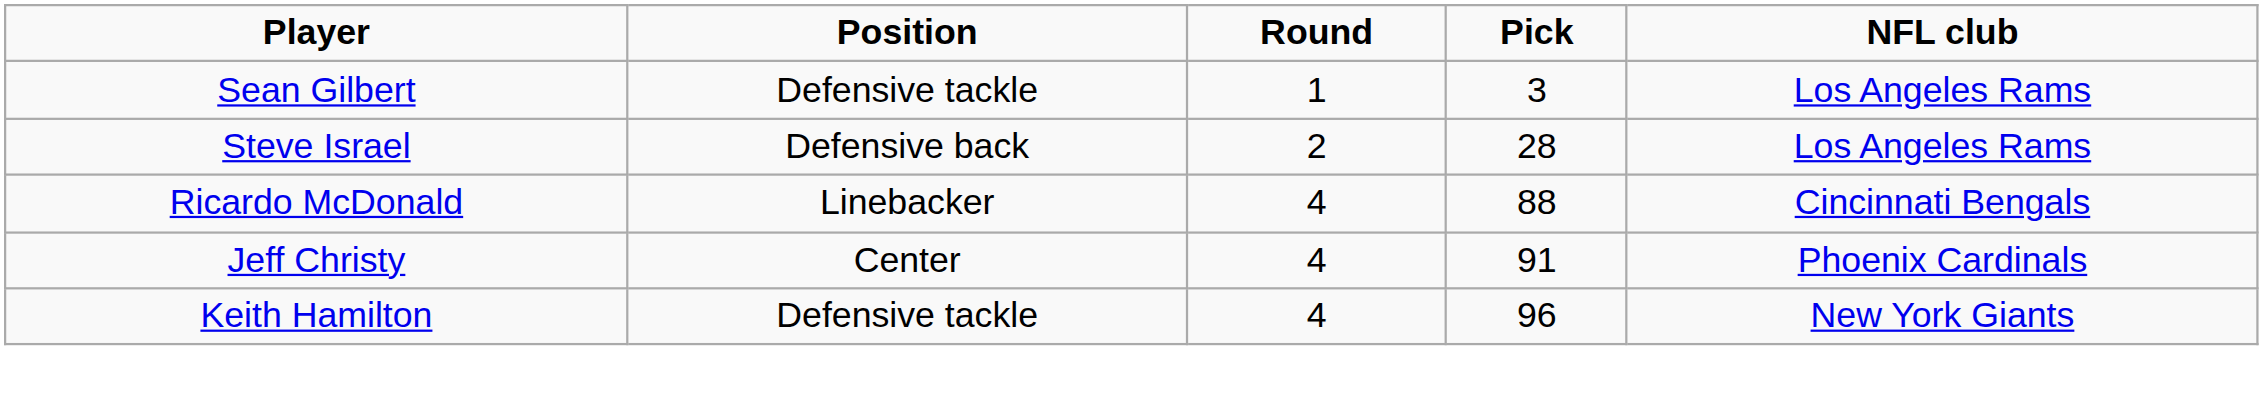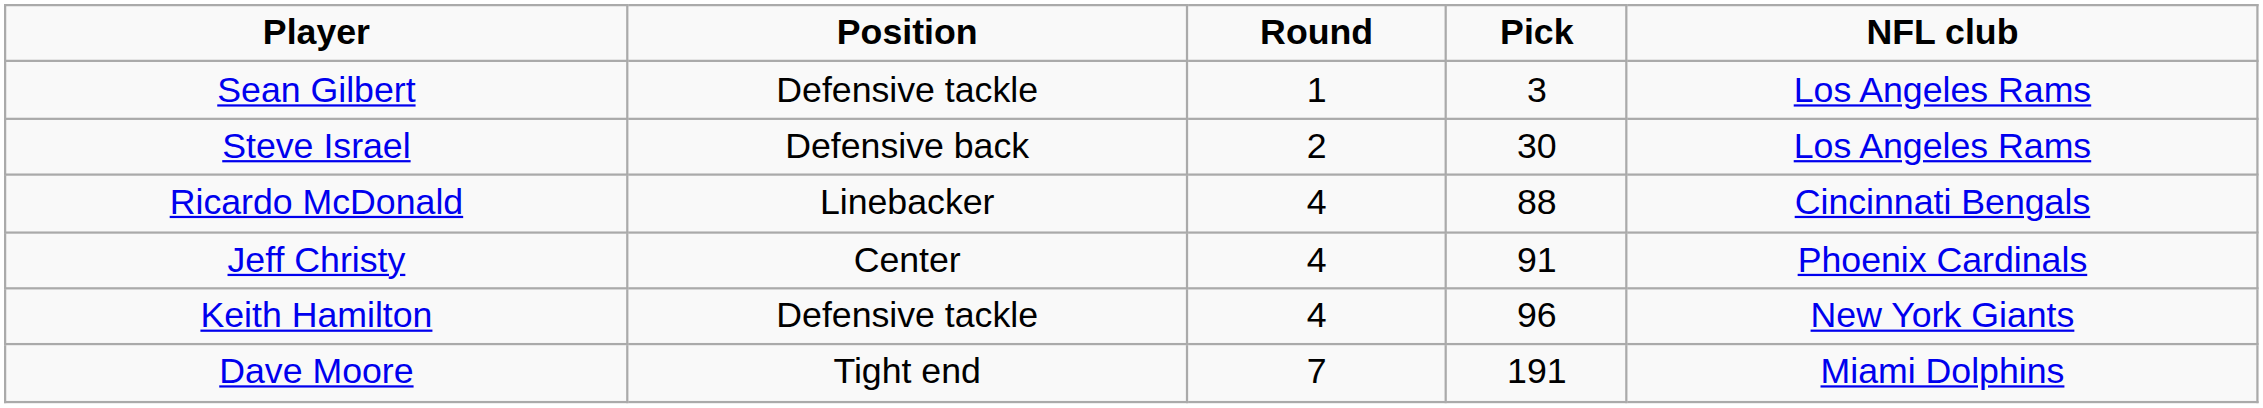 <table class="wikitable" style="width:80%;">
 <tr style="text-align:center; ">
 <td><strong>Player</strong></td>
 <td><strong>Position</strong></td>
 <td><strong>Round</strong></td>
 <td><strong>Pick</strong></td>
 <td><strong>NFL club</strong></td>
 </tr>
 <tr align="center" bgcolor="">
 <td><a href='#'>Sean Gilbert</a></td>
 <td>Defensive tackle</td>
 <td>1</td>
 <td>3</td>
 <td><a href='#'>Los Angeles Rams</a></td>
 </tr>
 <tr align="center" bgcolor="">
 <td><a href='#'>Steve Israel</a></td>
 <td>Defensive back</td>
 <td>2</td>
-<td>28</td>
+<td>30</td>
 <td><a href='#'>Los Angeles Rams</a></td>
 </tr>
 <tr align="center" bgcolor="">
 <td><a href='#'>Ricardo McDonald</a></td>
 <td>Linebacker</td>
 <td>4</td>
 <td>88</td>
 <td><a href='#'>Cincinnati Bengals</a></td>
 </tr>
 <tr align="center" bgcolor="">
 <td><a href='#'>Jeff Christy</a></td>
 <td>Center</td>
 <td>4</td>
 <td>91</td>
 <td><a href='#'>Phoenix Cardinals</a></td>
 </tr>
 <tr align="center" bgcolor="">
 <td><a href='#'>Keith Hamilton</a></td>
 <td>Defensive tackle</td>
 <td>4</td>
 <td>96</td>
 <td><a href='#'>New York Giants</a></td>
 </tr>
+<tr align="center" bgcolor="">
+<td><a href='#'>Dave Moore</a></td>
+<td>Tight end</td>
+<td>7</td>
+<td>191</td>
+<td><a href='#'>Miami Dolphins</a></td>
+</tr>
 </table>
